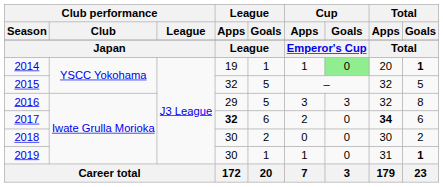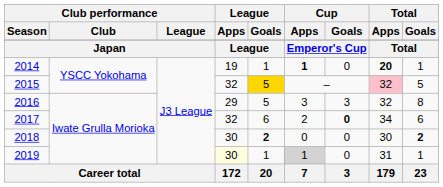 <table class="wikitable" style="text-align:center">
 <tr>
 <th colspan=3>Club performance</th>
 <th colspan=2>League</th>
 <th colspan=2>Cup</th>
 <th colspan=2>Total</th>
 </tr>
 <tr>
 <th>Season</th>
 <th>Club</th>
 <th>League</th>
 <th>Apps</th>
 <th>Goals</th>
 <th>Apps</th>
 <th>Goals</th>
 <th>Apps</th>
 <th>Goals</th>
 </tr>
 <tr>
 </tr>
 <tr>
 <th colspan=3>Japan</th>
 <th colspan=2>League</th>
 <th colspan=2><a href='#'>Emperor's Cup</a></th>
 <th colspan=2>Total</th>
 </tr>
 <tr>
 <td><a href='#'>2014</a></td>
 <td rowspan="2"><a href='#'>YSCC Yokohama</a></td>
 <td rowspan="6"><a href='#'>J3 League</a></td>
 <td>19</td>
 <td>1</td>
+<td><strong>1</strong></td>
+<td>0</td>
+<td><strong>20</strong></td>
 <td>1</td>
-<td style="background: lightgreen;">0</td>
-<td>20</td>
-<td><strong>1</strong></td>
 </tr>
 <tr>
 <td><a href='#'>2015</a></td>
 <td>32</td>
-<td>5</td>
+<td style="background: gold;">5</td>
 <td colspan="2">–</td>
-<td>32</td>
+<td style="background: pink;">32</td>
 <td>5</td>
 </tr>
 <tr>
 <td><a href='#'>2016</a></td>
 <td rowspan="4"><a href='#'>Iwate Grulla Morioka</a></td>
 <td>29</td>
 <td>5</td>
 <td>3</td>
 <td>3</td>
 <td>32</td>
 <td>8</td>
 </tr>
 <tr>
 <td><a href='#'>2017</a></td>
-<td><strong>32</strong></td>
+<td>32</td>
 <td>6</td>
 <td>2</td>
-<td>0</td>
-<td><strong>34</strong></td>
+<td><strong>0</strong></td>
+<td>34</td>
 <td>6</td>
 </tr>
 <tr>
 <td><a href='#'>2018</a></td>
 <td>30</td>
-<td>2</td>
+<td><strong>2</strong></td>
 <td>0</td>
 <td>0</td>
 <td>30</td>
-<td>2</td>
+<td><strong>2</strong></td>
 </tr>
 <tr>
 <td><a href='#'>2019</a></td>
-<td>30</td>
+<td style="background: lightyellow;">30</td>
 <td>1</td>
-<td>1</td>
+<td style="background: lightgrey;">1</td>
 <td>0</td>
 <td>31</td>
-<td><strong>1</strong></td>
+<td>1</td>
 </tr>
 <tr>
 <th colspan=3>Career total</th>
 <th>172</th>
 <th>20</th>
 <th>7</th>
 <th>3</th>
 <th>179</th>
 <th>23</th>
 </tr>
 </table>
